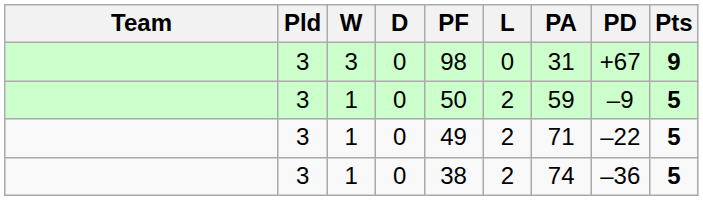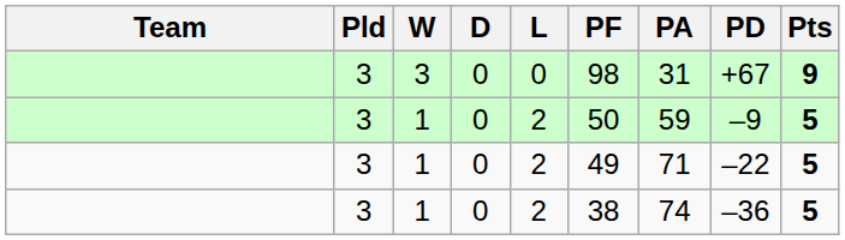 <table class="wikitable" style="text-align:center;">
 <tr>
 <th width=175>Team</th>
 <th width=25 abbr="Played">Pld</th>
 <th width=25 abbr="Won">W</th>
 <th width=25 abbr="Drawn">D</th>
+<th width=25 abbr="Lost">L</th>
 <th width=32 abbr="Points for">PF</th>
-<th width=25 abbr="Lost">L</th>
 <th width=32 abbr="Points against">PA</th>
 <th width=32 abbr="Points difference">PD</th>
 <th width=25 abbr="Points">Pts</th>
 </tr>
 <tr bgcolor=ccffcc>
 <td align=left></td>
 <td>3</td>
 <td>3</td>
 <td>0</td>
+<td>0</td>
 <td>98</td>
-<td>0</td>
 <td>31</td>
 <td>+67</td>
 <td><strong>9</strong></td>
 </tr>
 <tr bgcolor=ccffcc>
 <td align=left></td>
 <td>3</td>
 <td>1</td>
 <td>0</td>
+<td>2</td>
 <td>50</td>
-<td>2</td>
 <td>59</td>
 <td>–9</td>
 <td><strong>5</strong></td>
 </tr>
 <tr>
 <td align=left></td>
 <td>3</td>
 <td>1</td>
 <td>0</td>
+<td>2</td>
 <td>49</td>
-<td>2</td>
 <td>71</td>
 <td>–22</td>
 <td><strong>5</strong></td>
 </tr>
 <tr>
 <td align=left></td>
 <td>3</td>
 <td>1</td>
 <td>0</td>
+<td>2</td>
 <td>38</td>
-<td>2</td>
 <td>74</td>
 <td>–36</td>
 <td><strong>5</strong></td>
 </tr>
 </table>
